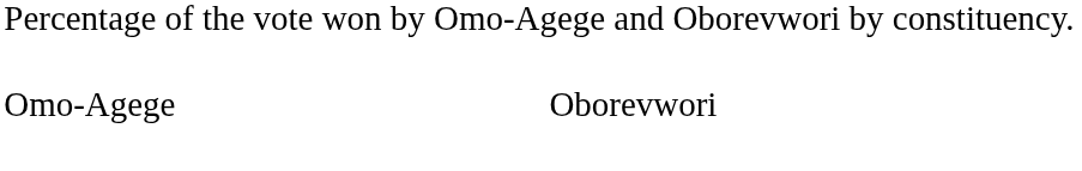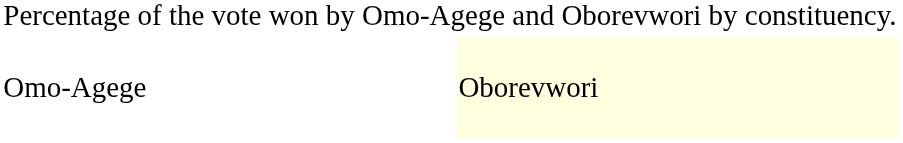 <table align=center>
 <tr>
 <td colspan=2>Percentage of the vote won by Omo-Agege and Oborevwori by constituency.</td>
 </tr>
 <tr>
 <td><br>Omo-Agege<br> <br> </td>
-<td><br>Oborevwori<br> <br> </td>
+<td style="background: lightyellow;"><br>Oborevwori<br> <br> </td>
 </tr>
 </table>
